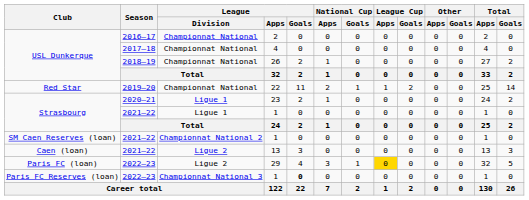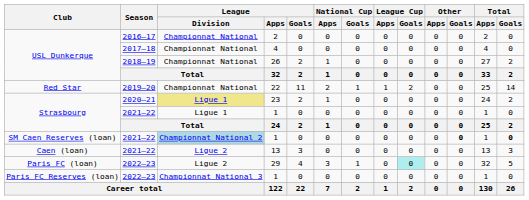 <table class="wikitable" style="text-align:center">
 <tr>
 <th rowspan="2">Club</th>
 <th rowspan="2">Season</th>
 <th colspan="3">League</th>
 <th colspan="2">National Cup</th>
 <th colspan="2">League Cup</th>
 <th colspan="2">Other</th>
 <th colspan="2">Total</th>
 </tr>
 <tr>
 <th>Division</th>
 <th>Apps</th>
 <th>Goals</th>
 <th>Apps</th>
 <th>Goals</th>
 <th>Apps</th>
 <th>Goals</th>
 <th>Apps</th>
 <th>Goals</th>
 <th>Apps</th>
 <th>Goals</th>
 </tr>
 <tr>
 <td rowspan="4"><a href='#'>USL Dunkerque</a></td>
 <td><a href='#'>2016–17</a></td>
 <td><a href='#'>Championnat National</a></td>
 <td>2</td>
 <td>0</td>
 <td>0</td>
 <td>0</td>
 <td>0</td>
 <td>0</td>
 <td>0</td>
 <td>0</td>
 <td>2</td>
 <td>0</td>
 </tr>
 <tr>
 <td><a href='#'>2017–18</a></td>
 <td>Championnat National</td>
 <td>4</td>
 <td>0</td>
 <td>0</td>
 <td>0</td>
 <td>0</td>
 <td>0</td>
 <td>0</td>
 <td>0</td>
 <td>4</td>
 <td>0</td>
 </tr>
 <tr>
 <td><a href='#'>2018–19</a></td>
 <td>Championnat National</td>
 <td>26</td>
 <td>2</td>
 <td>1</td>
 <td>0</td>
 <td>0</td>
 <td>0</td>
 <td>0</td>
 <td>0</td>
 <td>27</td>
 <td>2</td>
 </tr>
 <tr>
 <th colspan="2">Total</th>
 <th>32</th>
 <th>2</th>
 <th>1</th>
 <th>0</th>
 <th>0</th>
 <th>0</th>
 <th>0</th>
 <th>0</th>
 <th>33</th>
 <th>2</th>
 </tr>
 <tr>
 <td><a href='#'>Red Star</a></td>
 <td><a href='#'>2019–20</a></td>
 <td>Championnat National</td>
 <td>22</td>
 <td>11</td>
 <td>2</td>
 <td>1</td>
 <td>1</td>
 <td>2</td>
 <td>0</td>
 <td>0</td>
 <td>25</td>
 <td>14</td>
 </tr>
 <tr>
 <td rowspan="3"><a href='#'>Strasbourg</a></td>
 <td><a href='#'>2020–21</a></td>
-<td><a href='#'>Ligue 1</a></td>
+<td style="background: khaki;"><a href='#'>Ligue 1</a></td>
 <td>23</td>
 <td>2</td>
 <td>1</td>
 <td>0</td>
 <td>0</td>
 <td>0</td>
 <td>0</td>
 <td>0</td>
 <td>24</td>
 <td>2</td>
 </tr>
 <tr>
 <td><a href='#'>2021–22</a></td>
 <td>Ligue 1</td>
 <td>1</td>
 <td>0</td>
 <td>0</td>
 <td>0</td>
 <td>0</td>
 <td>0</td>
 <td>0</td>
 <td>0</td>
 <td>1</td>
 <td>0</td>
 </tr>
 <tr>
 <th colspan="2">Total</th>
 <th>24</th>
 <th>2</th>
 <th>1</th>
 <th>0</th>
 <th>0</th>
 <th>0</th>
 <th>0</th>
 <th>0</th>
 <th>25</th>
 <th>2</th>
 </tr>
 <tr>
 <td><a href='#'>SM Caen Reserves</a> (loan)</td>
 <td><a href='#'>2021–22</a></td>
-<td><a href='#'>Championnat National 2</a></td>
+<td style="background: lightblue;"><a href='#'>Championnat National 2</a></td>
 <td>1</td>
 <td>0</td>
 <td>0</td>
 <td>0</td>
 <td>0</td>
 <td>0</td>
 <td>0</td>
-<td>0</td>
+<td><strong>0</strong></td>
 <td>1</td>
-<td>0</td>
+<td><strong>0</strong></td>
 </tr>
 <tr>
 <td><a href='#'>Caen</a> (loan)</td>
 <td><a href='#'>2021–22</a></td>
 <td><a href='#'>Ligue 2</a></td>
 <td>13</td>
 <td>3</td>
 <td>0</td>
 <td>0</td>
 <td>0</td>
 <td>0</td>
 <td>0</td>
 <td>0</td>
 <td>13</td>
 <td>3</td>
 </tr>
 <tr>
 <td><a href='#'>Paris FC</a> (loan)</td>
 <td><a href='#'>2022–23</a></td>
 <td>Ligue 2</td>
 <td>29</td>
 <td>4</td>
 <td>3</td>
 <td>1</td>
-<td style="background: gold;">0</td>
 <td>0</td>
+<td style="background: paleturquoise;">0</td>
 <td>0</td>
 <td>0</td>
 <td>32</td>
 <td>5</td>
 </tr>
 <tr>
 <td><a href='#'>Paris FC Reserves</a> (loan)</td>
 <td><a href='#'>2022–23</a></td>
 <td><a href='#'>Championnat National 3</a></td>
 <td>1</td>
-<td><strong>0</strong></td>
+<td>0</td>
 <td>0</td>
 <td>0</td>
 <td>0</td>
 <td>0</td>
 <td>0</td>
 <td>0</td>
 <td>1</td>
 <td>0</td>
 </tr>
 <tr>
 <th colspan="3">Career total</th>
 <th>122</th>
 <th>22</th>
 <th>7</th>
 <th>2</th>
 <th>1</th>
 <th>2</th>
 <th>0</th>
 <th>0</th>
 <th>130</th>
 <th>26</th>
 </tr>
 </table>
